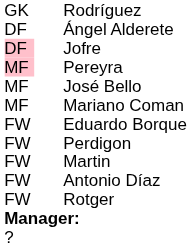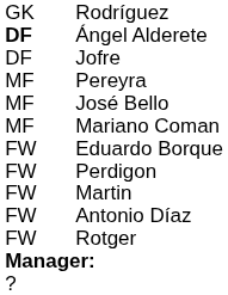 <table style="font-size:90%; margin:0.2em auto;" cellspacing="0" cellpadding="0">
 <tr>
 <th width="25"></th>
 <th width="25"></th>
 </tr>
 <tr>
 <td>GK</td>
 <td></td>
 <td>Rodríguez</td>
 </tr>
 <tr>
-<td>DF</td>
+<td><strong>DF</strong></td>
 <td></td>
 <td>Ángel Alderete</td>
 </tr>
 <tr>
-<td style="background: pink;">DF</td>
+<td>DF</td>
 <td></td>
 <td>Jofre</td>
 </tr>
 <tr>
-<td style="background: pink;">MF</td>
+<td>MF</td>
 <td></td>
 <td>Pereyra</td>
 </tr>
 <tr>
 <td>MF</td>
 <td></td>
 <td>José Bello</td>
 </tr>
 <tr>
 <td>MF</td>
 <td></td>
 <td>Mariano Coman</td>
 </tr>
 <tr>
 <td>FW</td>
 <td></td>
 <td>Eduardo Borque</td>
 </tr>
 <tr>
 <td>FW</td>
 <td></td>
 <td>Perdigon</td>
 </tr>
 <tr>
 <td>FW</td>
 <td></td>
 <td>Martin</td>
 </tr>
 <tr>
 <td>FW</td>
 <td></td>
 <td>Antonio Díaz</td>
 </tr>
 <tr>
 <td>FW</td>
 <td></td>
 <td>Rotger</td>
 </tr>
 <tr>
 <td colspan=3><strong>Manager:</strong></td>
 </tr>
 <tr>
 <td colspan=4>?</td>
 </tr>
 </table>
